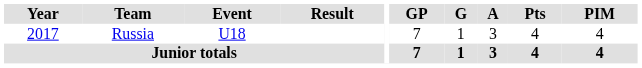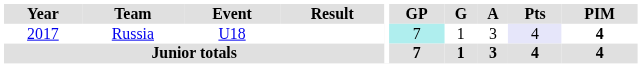 <table border="0" cellpadding="1" cellspacing="0" ID="Table3" style="text-align:center; width:40em">
 <tr ALIGN="center" bgcolor="#e0e0e0">
 <th>Year</th>
 <th>Team</th>
 <th>Event</th>
 <th>Result</th>
 <th rowspan="99" bgcolor="#ffffff"></th>
 <th>GP</th>
 <th>G</th>
 <th>A</th>
 <th>Pts</th>
 <th>PIM</th>
 </tr>
 <tr>
 <td><a href='#'>2017</a></td>
 <td><a href='#'>Russia</a></td>
 <td><a href='#'>U18</a></td>
 <td></td>
-<td>7</td>
+<td style="background: paleturquoise;">7</td>
 <td>1</td>
 <td>3</td>
-<td>4</td>
-<td>4</td>
+<td style="background: lavender;">4</td>
+<td><strong>4</strong></td>
 </tr>
 <tr bgcolor="#e0e0e0">
 <th colspan="4">Junior totals</th>
 <th>7</th>
 <th>1</th>
 <th>3</th>
 <th>4</th>
 <th>4</th>
 </tr>
 </table>
